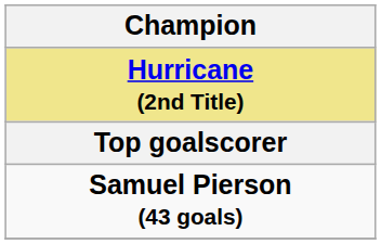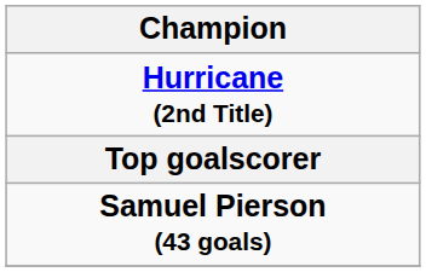 <table class="wikitable" style="margin: 0 auto; width: 220px;">
 <tr>
 <th>Champion</th>
 </tr>
 <tr>
-<td align="center" style="background: khaki;"><strong><a href='#'>Hurricane</a></strong><br><small><strong>(2nd Title)</strong></small></td>
+<td align="center"><strong><a href='#'>Hurricane</a></strong><br><small><strong>(2nd Title)</strong></small></td>
 </tr>
 <tr>
 <th>Top goalscorer</th>
 </tr>
 <tr>
 <td align="center"><strong>Samuel Pierson</strong><br><small><strong>(43 goals)</strong></small></td>
 </tr>
 <tr>
 </tr>
 </table>
